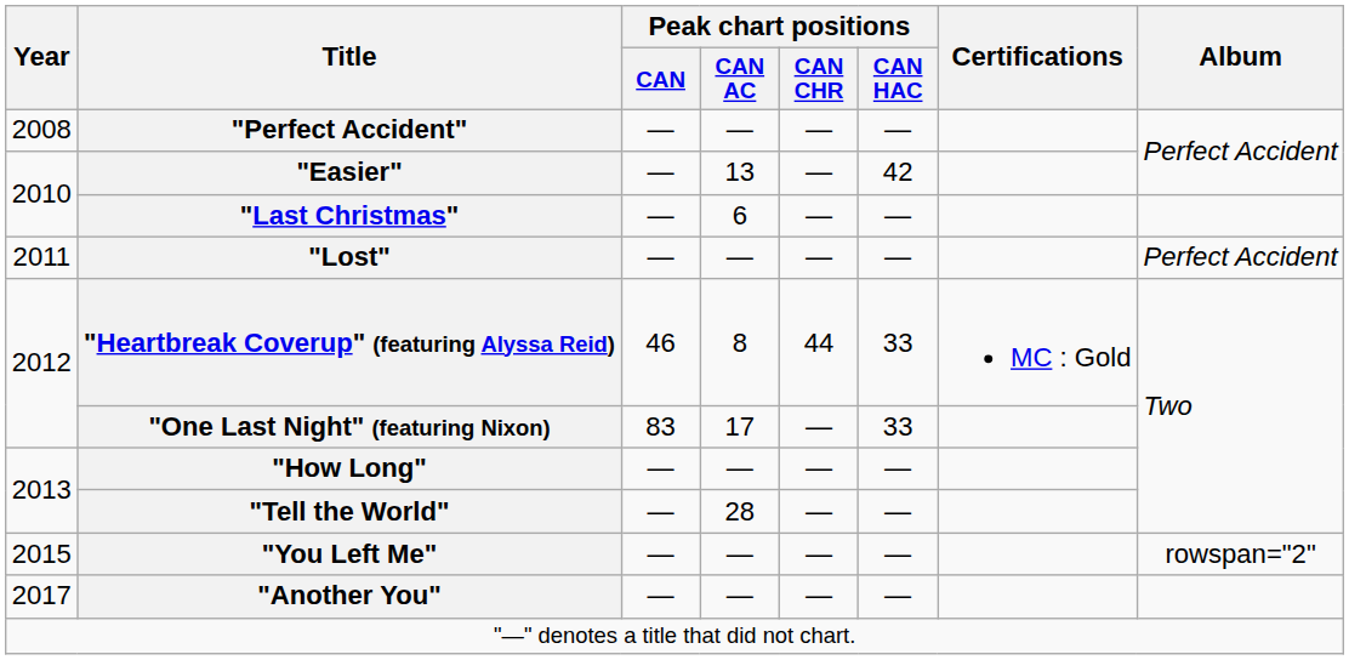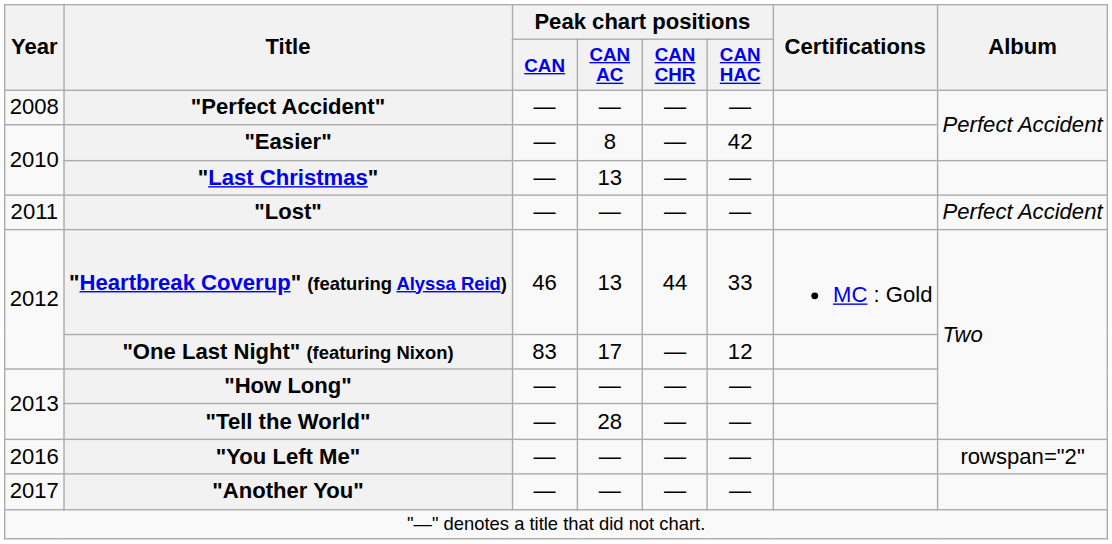 <table class="wikitable plainrowheaders" style="text-align:center;">
 <tr>
 <th scope="col" rowspan="2">Year</th>
 <th scope="col" rowspan="2">Title</th>
 <th scope="col" colspan="4">Peak chart positions</th>
 <th scope="col" rowspan="2">Certifications</th>
 <th scope="col" rowspan="2">Album</th>
 </tr>
 <tr>
 <th scope="col" style="width:3em;font-size:85%;"><a href='#'>CAN</a><br></th>
 <th scope="col" style="width:3em;font-size:85%;"><a href='#'>CAN <br> AC</a><br></th>
 <th scope="col" style="width:3em;font-size:85%;"><a href='#'>CAN <br> CHR</a><br></th>
 <th scope="col" style="width:3em;font-size:85%;"><a href='#'>CAN <br> HAC</a><br></th>
 </tr>
 <tr>
 <td>2008</td>
 <th scope="row">"Perfect Accident"</th>
 <td>—</td>
 <td>—</td>
 <td>—</td>
 <td>—</td>
 <td></td>
 <td rowspan="2" align="left"><em>Perfect Accident</em></td>
 </tr>
 <tr>
 <td rowspan="2">2010</td>
 <th scope="row">"Easier"</th>
 <td>—</td>
-<td>13</td>
+<td>8</td>
 <td>—</td>
 <td>42</td>
 <td></td>
 </tr>
 <tr>
 <th scope="row">"<a href='#'>Last Christmas</a>"</th>
 <td>—</td>
-<td>6</td>
+<td>13</td>
 <td>—</td>
 <td>—</td>
 <td></td>
 <td></td>
 </tr>
 <tr>
 <td scope="row">2011</td>
 <th scope="row">"Lost"</th>
 <td>—</td>
 <td>—</td>
 <td>—</td>
 <td>—</td>
 <td></td>
 <td scope="row" align="left"><em>Perfect Accident</em></td>
 </tr>
 <tr>
 <td rowspan="2">2012</td>
 <th scope="row">"<a href='#'>Heartbreak Coverup</a>" <small>(featuring <a href='#'>Alyssa Reid</a>)</small></th>
 <td>46</td>
-<td>8</td>
+<td>13</td>
 <td>44</td>
 <td>33</td>
 <td><br><ul><li><a href='#'>MC</a> : Gold</li></ul></td>
 <td rowspan="4" align="left"><em>Two</em></td>
 </tr>
 <tr>
 <th scope="row">"One Last Night" <small>(featuring Nixon)</small></th>
 <td>83</td>
 <td>17</td>
 <td>—</td>
-<td>33</td>
+<td>12</td>
 <td></td>
 </tr>
 <tr>
 <td rowspan="2">2013</td>
 <th scope="row">"How Long"</th>
 <td>—</td>
 <td>—</td>
 <td>—</td>
 <td>—</td>
 <td></td>
 </tr>
 <tr>
 <th scope="row">"Tell the World"</th>
 <td>—</td>
 <td>28</td>
 <td>—</td>
 <td>—</td>
 <td></td>
 </tr>
 <tr>
-<td>2015</td>
+<td>2016</td>
 <th scope="row">"You Left Me"</th>
 <td>—</td>
 <td>—</td>
 <td>—</td>
 <td>—</td>
 <td></td>
 <td>rowspan="2" </td>
 </tr>
 <tr>
 <td>2017</td>
 <th scope="row">"Another You"</th>
 <td>—</td>
 <td>—</td>
 <td>—</td>
 <td>—</td>
 <td></td>
 </tr>
 <tr>
 <td colspan="8" style="font-size:10pt">"—" denotes a title that did not chart.</td>
 </tr>
 </table>
